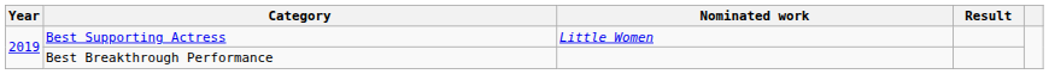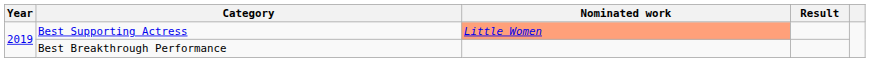 <table class="wikitable sortable">
 <tr>
 <th scope="col" style="width:1em;">Year</th>
 <th scope="col" style="width:39em;">Category</th>
 <th scope="col" style="width:30em;">Nominated work</th>
 <th scope="col" style="width:5em;">Result</th>
 <th scope="col" style="width:1em;"class="unsortable"></th>
 </tr>
 <tr>
 <td rowspan="2"><a href='#'>2019</a></td>
 <td><a href='#'>Best Supporting Actress</a></td>
-<td><em><a href='#'>Little Women</a></em></td>
+<td style="background: lightsalmon;"><em><a href='#'>Little Women</a></em></td>
 <td></td>
 <td align="center" rowspan="2"></td>
 </tr>
 <tr>
 <td>Best Breakthrough Performance</td>
 <td></td>
 <td></td>
 </tr>
 </table>
